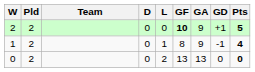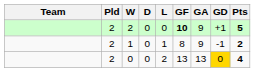 <table class="wikitable" style="text-align:center;">
 <tr>
+<th width=150>Team</th>
+<th width=20>Pld</th>
 <th width=20>W</th>
-<th width=20>Pld</th>
-<th width=150>Team</th>
 <th width=20>D</th>
 <th width=20>L</th>
 <th width=20>GF</th>
 <th width=20>GA</th>
 <th width=20>GD</th>
 <th width=20>Pts</th>
 </tr>
 <tr align=center style="background:#ccffcc;">
+<td align="left"></td>
 <td>2</td>
 <td>2</td>
-<td align="left"></td>
 <td>0</td>
 <td>0</td>
 <td><strong>10</strong></td>
 <td>9</td>
 <td>+1</td>
 <td><strong>5</strong></td>
 </tr>
 <tr>
+<td align="left"></td>
+<td>2</td>
 <td>1</td>
-<td>2</td>
-<td align="left"></td>
 <td>0</td>
 <td>1</td>
 <td>8</td>
 <td>9</td>
 <td>-1</td>
-<td><strong>4</strong></td>
+<td><strong>2</strong></td>
 </tr>
 <tr>
+<td align="left"></td>
+<td>2</td>
 <td>0</td>
-<td>2</td>
-<td align="left"></td>
 <td>0</td>
 <td>2</td>
 <td>13</td>
 <td>13</td>
-<td>0</td>
-<td><strong>0</strong></td>
+<td style="background: gold;">0</td>
+<td><strong>4</strong></td>
 </tr>
 </table>
